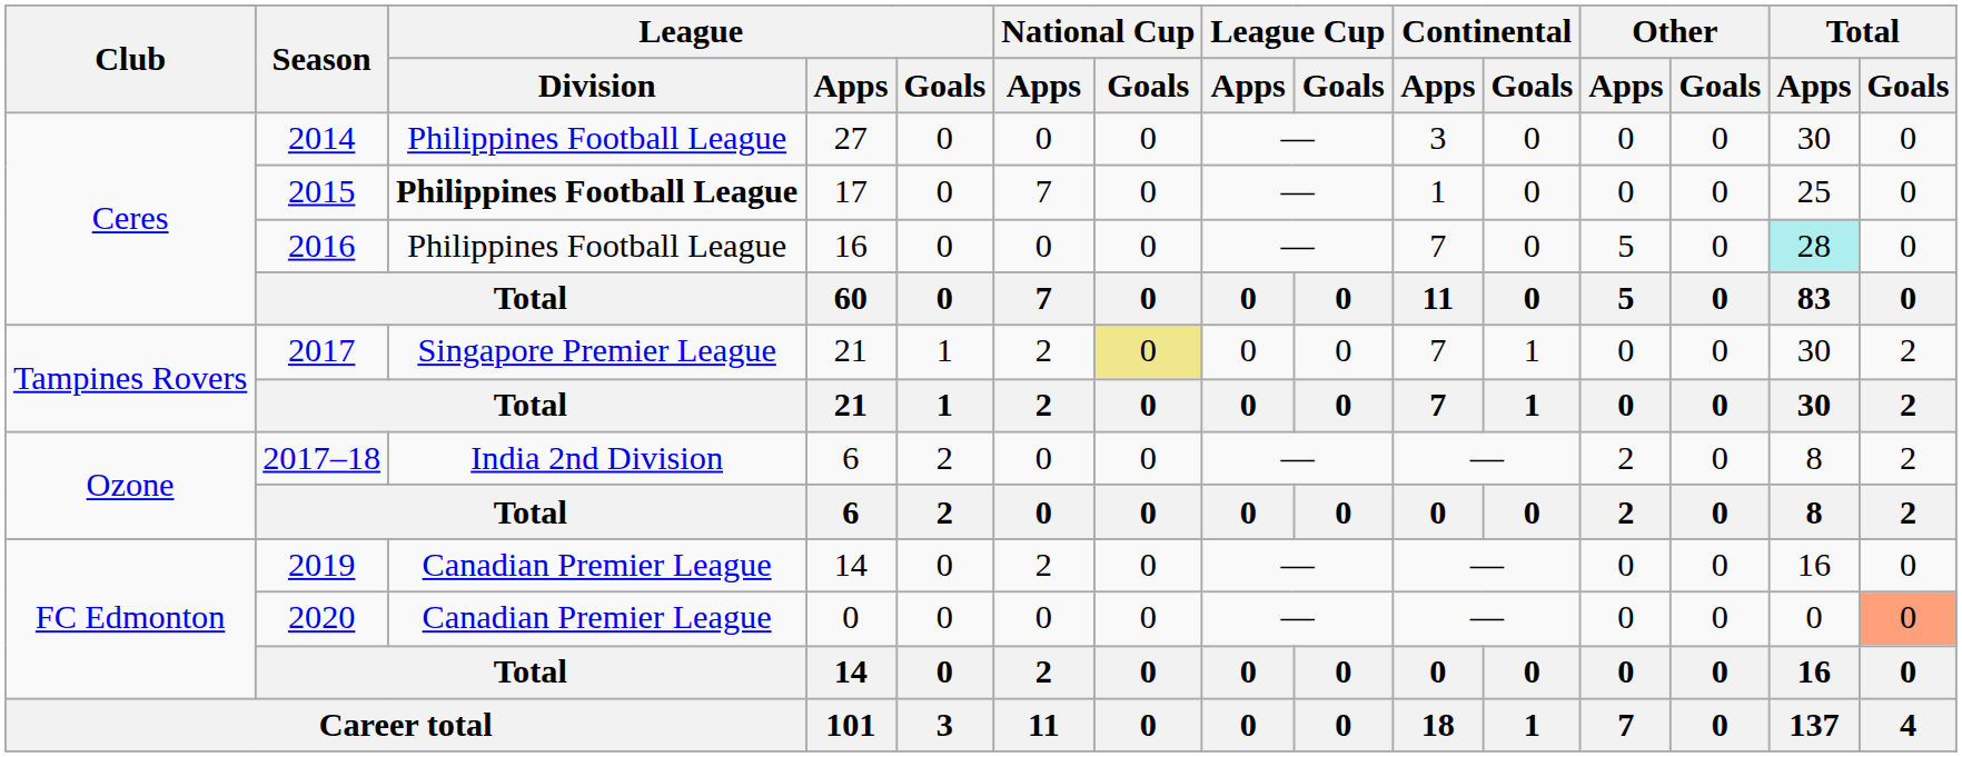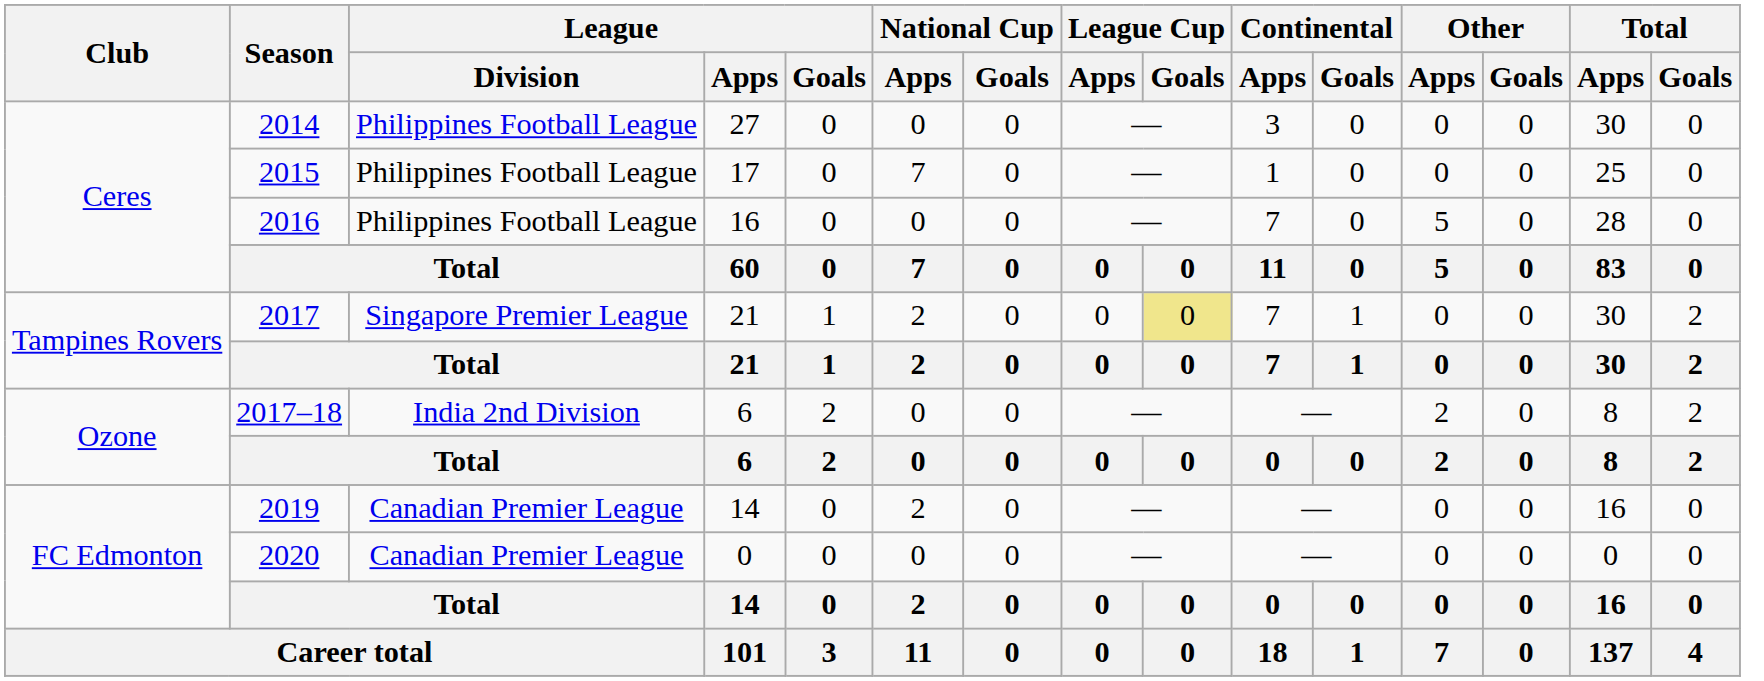 <table class="wikitable" style="text-align:center">
 <tr>
 <th rowspan="2">Club</th>
 <th rowspan="2">Season</th>
 <th colspan="3">League</th>
 <th colspan="2">National Cup</th>
 <th colspan="2">League Cup</th>
 <th colspan="2">Continental</th>
 <th colspan="2">Other</th>
 <th colspan="2">Total</th>
 </tr>
 <tr>
 <th>Division</th>
 <th>Apps</th>
 <th>Goals</th>
 <th>Apps</th>
 <th>Goals</th>
 <th>Apps</th>
 <th>Goals</th>
 <th>Apps</th>
 <th>Goals</th>
 <th>Apps</th>
 <th>Goals</th>
 <th>Apps</th>
 <th>Goals</th>
 </tr>
 <tr>
 <td rowspan="4"><a href='#'>Ceres</a></td>
 <td><a href='#'>2014</a></td>
 <td><a href='#'>Philippines Football League</a></td>
 <td>27</td>
 <td>0</td>
 <td>0</td>
 <td>0</td>
 <td colspan="2">—</td>
 <td>3</td>
 <td>0</td>
 <td>0</td>
 <td>0</td>
 <td>30</td>
 <td>0</td>
 </tr>
 <tr>
 <td><a href='#'>2015</a></td>
-<td><strong>Philippines Football League</strong></td>
+<td>Philippines Football League</td>
 <td>17</td>
 <td>0</td>
 <td>7</td>
 <td>0</td>
 <td colspan="2">—</td>
 <td>1</td>
 <td>0</td>
 <td>0</td>
 <td>0</td>
 <td>25</td>
 <td>0</td>
 </tr>
 <tr>
 <td><a href='#'>2016</a></td>
 <td>Philippines Football League</td>
 <td>16</td>
 <td>0</td>
 <td>0</td>
 <td>0</td>
 <td colspan="2">—</td>
 <td>7</td>
 <td>0</td>
 <td>5</td>
 <td>0</td>
-<td style="background: paleturquoise;">28</td>
+<td>28</td>
 <td>0</td>
 </tr>
 <tr>
 <th colspan="2">Total</th>
 <th>60</th>
 <th>0</th>
 <th>7</th>
 <th>0</th>
 <th>0</th>
 <th>0</th>
 <th>11</th>
 <th>0</th>
 <th>5</th>
 <th>0</th>
 <th>83</th>
 <th>0</th>
 </tr>
 <tr>
 <td rowspan="2"><a href='#'>Tampines Rovers</a></td>
 <td><a href='#'>2017</a></td>
 <td><a href='#'>Singapore Premier League</a></td>
 <td>21</td>
 <td>1</td>
 <td>2</td>
-<td style="background: khaki;">0</td>
 <td>0</td>
 <td>0</td>
+<td style="background: khaki;">0</td>
 <td>7</td>
 <td>1</td>
 <td>0</td>
 <td>0</td>
 <td>30</td>
 <td>2</td>
 </tr>
 <tr>
 <th colspan="2">Total</th>
 <th>21</th>
 <th>1</th>
 <th>2</th>
 <th>0</th>
 <th>0</th>
 <th>0</th>
 <th>7</th>
 <th>1</th>
 <th>0</th>
 <th>0</th>
 <th>30</th>
 <th>2</th>
 </tr>
 <tr>
 <td rowspan="2"><a href='#'>Ozone</a></td>
 <td><a href='#'>2017–18</a></td>
 <td><a href='#'>India 2nd Division</a></td>
 <td>6</td>
 <td>2</td>
 <td>0</td>
 <td>0</td>
 <td colspan="2">—</td>
 <td colspan="2">—</td>
 <td>2</td>
 <td>0</td>
 <td>8</td>
 <td>2</td>
 </tr>
 <tr>
 <th colspan="2">Total</th>
 <th>6</th>
 <th>2</th>
 <th>0</th>
 <th>0</th>
 <th>0</th>
 <th>0</th>
 <th>0</th>
 <th>0</th>
 <th>2</th>
 <th>0</th>
 <th>8</th>
 <th>2</th>
 </tr>
 <tr>
 <td rowspan="3"><a href='#'>FC Edmonton</a></td>
 <td><a href='#'>2019</a></td>
 <td><a href='#'>Canadian Premier League</a></td>
 <td>14</td>
 <td>0</td>
 <td>2</td>
 <td>0</td>
 <td colspan="2">—</td>
 <td colspan="2">—</td>
 <td>0</td>
 <td>0</td>
 <td>16</td>
 <td>0</td>
 </tr>
 <tr>
 <td><a href='#'>2020</a></td>
 <td><a href='#'>Canadian Premier League</a></td>
 <td>0</td>
 <td>0</td>
 <td>0</td>
 <td>0</td>
 <td colspan="2">—</td>
 <td colspan="2">—</td>
 <td>0</td>
 <td>0</td>
 <td>0</td>
-<td style="background: lightsalmon;">0</td>
+<td>0</td>
 </tr>
 <tr>
 <th colspan="2">Total</th>
 <th>14</th>
 <th>0</th>
 <th>2</th>
 <th>0</th>
 <th>0</th>
 <th>0</th>
 <th>0</th>
 <th>0</th>
 <th>0</th>
 <th>0</th>
 <th>16</th>
 <th>0</th>
 </tr>
 <tr>
 <th colspan="3">Career total</th>
 <th>101</th>
 <th>3</th>
 <th>11</th>
 <th>0</th>
 <th>0</th>
 <th>0</th>
 <th>18</th>
 <th>1</th>
 <th>7</th>
 <th>0</th>
 <th>137</th>
 <th>4</th>
 </tr>
 </table>
